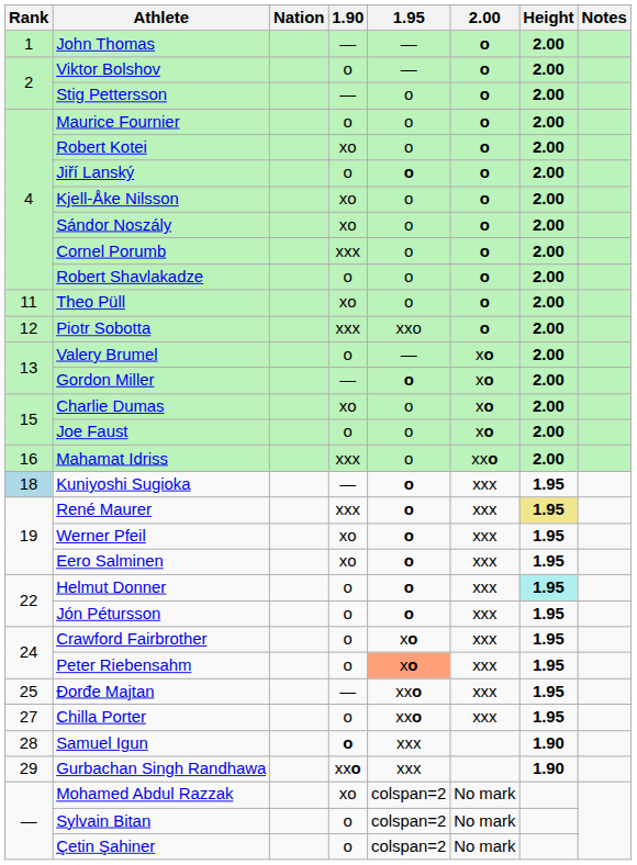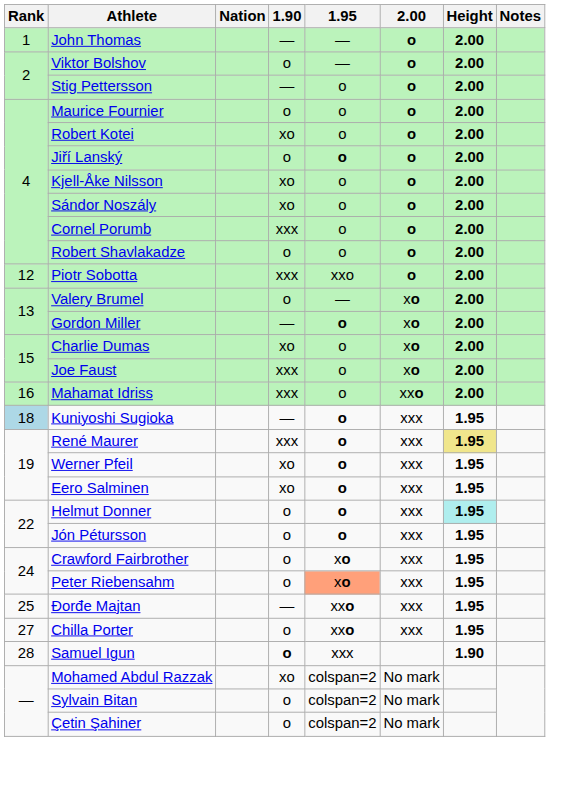 <table class="wikitable sortable" style="text-align:center">
 <tr>
 <th>Rank</th>
 <th>Athlete</th>
 <th>Nation</th>
 <th>1.90</th>
 <th>1.95</th>
 <th>2.00</th>
 <th>Height</th>
 <th>Notes</th>
 </tr>
 <tr bgcolor=bbf3bb>
 <td>1</td>
 <td align=left><a href='#'>John Thomas</a></td>
 <td align=left></td>
 <td>—</td>
 <td>—</td>
 <td><strong>o</strong></td>
 <td><strong>2.00</strong></td>
 <td></td>
 </tr>
 <tr bgcolor=bbf3bb>
 <td rowspan=2>2</td>
 <td align=left><a href='#'>Viktor Bolshov</a></td>
 <td align=left></td>
 <td>o</td>
 <td>—</td>
 <td><strong>o</strong></td>
 <td><strong>2.00</strong></td>
 <td></td>
 </tr>
 <tr bgcolor=bbf3bb>
 <td align=left><a href='#'>Stig Pettersson</a></td>
 <td align=left></td>
 <td>—</td>
 <td>o</td>
 <td><strong>o</strong></td>
 <td><strong>2.00</strong></td>
 <td></td>
 </tr>
 <tr bgcolor=bbf3bb>
 <td rowspan=7>4</td>
 <td align=left><a href='#'>Maurice Fournier</a></td>
 <td align=left></td>
 <td>o</td>
 <td>o</td>
 <td><strong>o</strong></td>
 <td><strong>2.00</strong></td>
 <td></td>
 </tr>
 <tr bgcolor=bbf3bb>
 <td align=left><a href='#'>Robert Kotei</a></td>
 <td align=left></td>
 <td>xo</td>
 <td>o</td>
 <td><strong>o</strong></td>
 <td><strong>2.00</strong></td>
 <td></td>
 </tr>
 <tr bgcolor=bbf3bb>
 <td align=left><a href='#'>Jiří Lanský</a></td>
 <td align=left></td>
 <td>o</td>
 <td><strong>o</strong></td>
 <td><strong>o</strong></td>
 <td><strong>2.00</strong></td>
 <td></td>
 </tr>
 <tr bgcolor=bbf3bb>
 <td align=left><a href='#'>Kjell-Åke Nilsson</a></td>
 <td align=left></td>
 <td>xo</td>
 <td>o</td>
 <td><strong>o</strong></td>
 <td><strong>2.00</strong></td>
 <td></td>
 </tr>
 <tr bgcolor=bbf3bb>
 <td align=left><a href='#'>Sándor Noszály</a></td>
 <td align=left></td>
 <td>xo</td>
 <td>o</td>
 <td><strong>o</strong></td>
 <td><strong>2.00</strong></td>
 <td></td>
 </tr>
 <tr bgcolor=bbf3bb>
 <td align=left><a href='#'>Cornel Porumb</a></td>
 <td align=left></td>
 <td>xxx</td>
 <td>o</td>
 <td><strong>o</strong></td>
 <td><strong>2.00</strong></td>
 <td></td>
 </tr>
 <tr bgcolor=bbf3bb>
 <td align=left><a href='#'>Robert Shavlakadze</a></td>
 <td align=left></td>
 <td>o</td>
 <td>o</td>
 <td><strong>o</strong></td>
 <td><strong>2.00</strong></td>
 <td></td>
 </tr>
 <tr bgcolor=bbf3bb>
-<td>11</td>
-<td align=left><a href='#'>Theo Püll</a></td>
-<td align=left></td>
-<td>xo</td>
-<td>o</td>
-<td><strong>o</strong></td>
-<td><strong>2.00</strong></td>
-<td></td>
-</tr>
-<tr bgcolor=bbf3bb>
 <td>12</td>
 <td align=left><a href='#'>Piotr Sobotta</a></td>
 <td align=left></td>
 <td>xxx</td>
 <td>xxo</td>
 <td><strong>o</strong></td>
 <td><strong>2.00</strong></td>
 <td></td>
 </tr>
 <tr bgcolor=bbf3bb>
 <td rowspan=2>13</td>
 <td align=left><a href='#'>Valery Brumel</a></td>
 <td align=left></td>
 <td>o</td>
 <td>—</td>
 <td>x<strong>o</strong></td>
 <td><strong>2.00</strong></td>
 <td></td>
 </tr>
 <tr bgcolor=bbf3bb>
 <td align=left><a href='#'>Gordon Miller</a></td>
 <td align=left></td>
 <td>—</td>
 <td><strong>o</strong></td>
 <td>x<strong>o</strong></td>
 <td><strong>2.00</strong></td>
 <td></td>
 </tr>
 <tr bgcolor=bbf3bb>
 <td rowspan=2>15</td>
 <td align=left><a href='#'>Charlie Dumas</a></td>
 <td align=left></td>
 <td>xo</td>
 <td>o</td>
 <td>x<strong>o</strong></td>
 <td><strong>2.00</strong></td>
 <td></td>
 </tr>
 <tr bgcolor=bbf3bb>
 <td align=left><a href='#'>Joe Faust</a></td>
 <td align=left></td>
-<td>o</td>
+<td>xxx</td>
 <td>o</td>
 <td>x<strong>o</strong></td>
 <td><strong>2.00</strong></td>
 <td></td>
 </tr>
 <tr bgcolor=bbf3bb>
 <td>16</td>
 <td align=left><a href='#'>Mahamat Idriss</a></td>
 <td align=left></td>
 <td>xxx</td>
 <td>o</td>
 <td>xx<strong>o</strong></td>
 <td><strong>2.00</strong></td>
 <td></td>
 </tr>
 <tr>
 <td style="background: lightblue;">18</td>
 <td align=left><a href='#'>Kuniyoshi Sugioka</a></td>
 <td align=left></td>
 <td>—</td>
 <td><strong>o</strong></td>
 <td>xxx</td>
 <td><strong>1.95</strong></td>
 <td></td>
 </tr>
 <tr>
 <td rowspan=3>19</td>
 <td align=left><a href='#'>René Maurer</a></td>
 <td align=left></td>
 <td>xxx</td>
 <td><strong>o</strong></td>
 <td>xxx</td>
 <td style="background: khaki;"><strong>1.95</strong></td>
 <td></td>
 </tr>
 <tr>
 <td align=left><a href='#'>Werner Pfeil</a></td>
 <td align=left></td>
 <td>xo</td>
 <td><strong>o</strong></td>
 <td>xxx</td>
 <td><strong>1.95</strong></td>
 <td></td>
 </tr>
 <tr>
 <td align=left><a href='#'>Eero Salminen</a></td>
 <td align=left></td>
 <td>xo</td>
 <td><strong>o</strong></td>
 <td>xxx</td>
 <td><strong>1.95</strong></td>
 <td></td>
 </tr>
 <tr>
 <td rowspan=2>22</td>
 <td align=left><a href='#'>Helmut Donner</a></td>
 <td align=left></td>
 <td>o</td>
 <td><strong>o</strong></td>
 <td>xxx</td>
 <td style="background: paleturquoise;"><strong>1.95</strong></td>
 <td></td>
 </tr>
 <tr>
 <td align=left><a href='#'>Jón Pétursson</a></td>
 <td align=left></td>
 <td>o</td>
 <td><strong>o</strong></td>
 <td>xxx</td>
 <td><strong>1.95</strong></td>
 <td></td>
 </tr>
 <tr>
 <td rowspan=2>24</td>
 <td align=left><a href='#'>Crawford Fairbrother</a></td>
 <td align=left></td>
 <td>o</td>
 <td>x<strong>o</strong></td>
 <td>xxx</td>
 <td><strong>1.95</strong></td>
 <td></td>
 </tr>
 <tr>
 <td align=left><a href='#'>Peter Riebensahm</a></td>
 <td align=left></td>
 <td>o</td>
 <td style="background: lightsalmon;">x<strong>o</strong></td>
 <td>xxx</td>
 <td><strong>1.95</strong></td>
 <td></td>
 </tr>
 <tr>
 <td>25</td>
 <td align=left><a href='#'>Đorđe Majtan</a></td>
 <td align=left></td>
 <td>—</td>
 <td>xx<strong>o</strong></td>
 <td>xxx</td>
 <td><strong>1.95</strong></td>
 <td></td>
 </tr>
 <tr>
 <td>27</td>
 <td align=left><a href='#'>Chilla Porter</a></td>
 <td align=left></td>
 <td>o</td>
 <td>xx<strong>o</strong></td>
 <td>xxx</td>
 <td><strong>1.95</strong></td>
 <td></td>
 </tr>
 <tr>
 <td>28</td>
 <td align=left><a href='#'>Samuel Igun</a></td>
 <td align=left></td>
 <td><strong>o</strong></td>
 <td>xxx</td>
 <td></td>
 <td><strong>1.90</strong></td>
 <td></td>
 </tr>
 <tr>
-<td>29</td>
-<td align=left><a href='#'>Gurbachan Singh Randhawa</a></td>
-<td align=left></td>
-<td>xx<strong>o</strong></td>
-<td>xxx</td>
-<td></td>
-<td><strong>1.90</strong></td>
-<td></td>
-</tr>
-<tr>
 <td rowspan=3 data-sort-value=30>—</td>
 <td align=left><a href='#'>Mohamed Abdul Razzak</a></td>
 <td align=left></td>
 <td>xo</td>
 <td>colspan=2 </td>
 <td>No mark</td>
 <td></td>
 </tr>
 <tr>
 <td align=left><a href='#'>Sylvain Bitan</a></td>
 <td align=left></td>
 <td>o</td>
 <td>colspan=2 </td>
 <td>No mark</td>
 <td></td>
 </tr>
 <tr>
 <td align=left><a href='#'>Çetin Şahiner</a></td>
 <td align=left></td>
 <td>o</td>
 <td>colspan=2 </td>
 <td>No mark</td>
 <td></td>
 </tr>
 </table>
